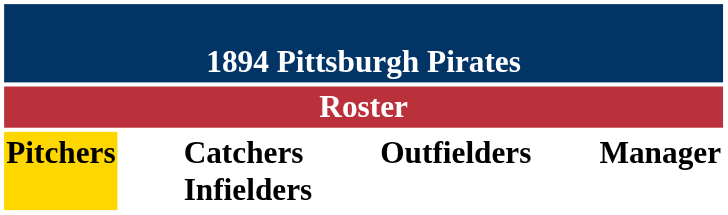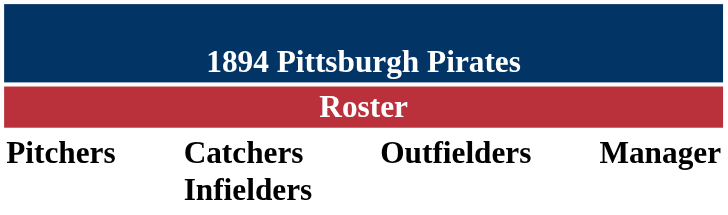 <table class="toccolours" style="font-size: 95%;">
 <tr>
 <th colspan="10" style="background-color: #023465; color: #FFFFFF; text-align: center;"><br>1894 Pittsburgh Pirates</th>
 </tr>
 <tr>
 <td colspan="10" style="background-color: #ba313c; color: white; text-align: center;"><strong>Roster</strong></td>
 </tr>
 <tr>
-<td valign="top" style="background: gold;"><strong>Pitchers</strong><br>         </td>
+<td valign="top"><strong>Pitchers</strong><br>         </td>
 <td width="25px"></td>
 <td valign="top"><strong>Catchers</strong><br>    <strong>Infielders</strong>          </td>
 <td width="25px"></td>
 <td valign="top"><strong>Outfielders</strong><br>  </td>
 <td width="25px"></td>
 <td valign="top"><strong>Manager</strong><br> </td>
 </tr>
 </table>
